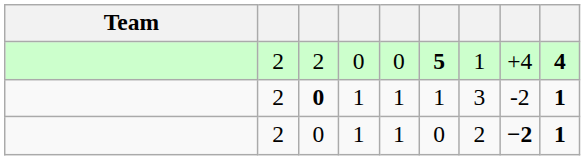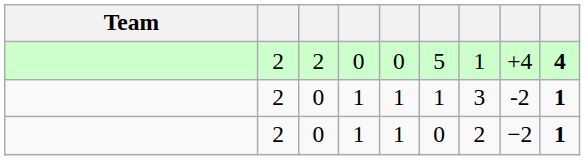 <table class="wikitable" style="text-align:center;">
 <tr>
 <th width="165">Team</th>
 <th width="20"></th>
 <th width="20"></th>
 <th width="20"></th>
 <th width="20"></th>
 <th width="20"></th>
 <th width="20"></th>
 <th width="20"></th>
 <th width="20"></th>
 </tr>
 <tr bgcolor="#ccffcc">
 <td align="left"></td>
 <td>2</td>
 <td>2</td>
 <td>0</td>
 <td>0</td>
-<td><strong>5</strong></td>
+<td>5</td>
 <td>1</td>
 <td>+4</td>
 <td><strong>4</strong></td>
 </tr>
 <tr>
 <td align="left"></td>
 <td>2</td>
-<td><strong>0</strong></td>
+<td>0</td>
 <td>1</td>
 <td>1</td>
 <td>1</td>
 <td>3</td>
 <td>-2</td>
 <td><strong>1</strong></td>
 </tr>
 <tr>
 <td align="left"></td>
 <td>2</td>
 <td>0</td>
 <td>1</td>
 <td>1</td>
 <td>0</td>
 <td>2</td>
-<td><strong>−2</strong></td>
+<td>−2</td>
 <td><strong>1</strong></td>
 </tr>
 </table>
